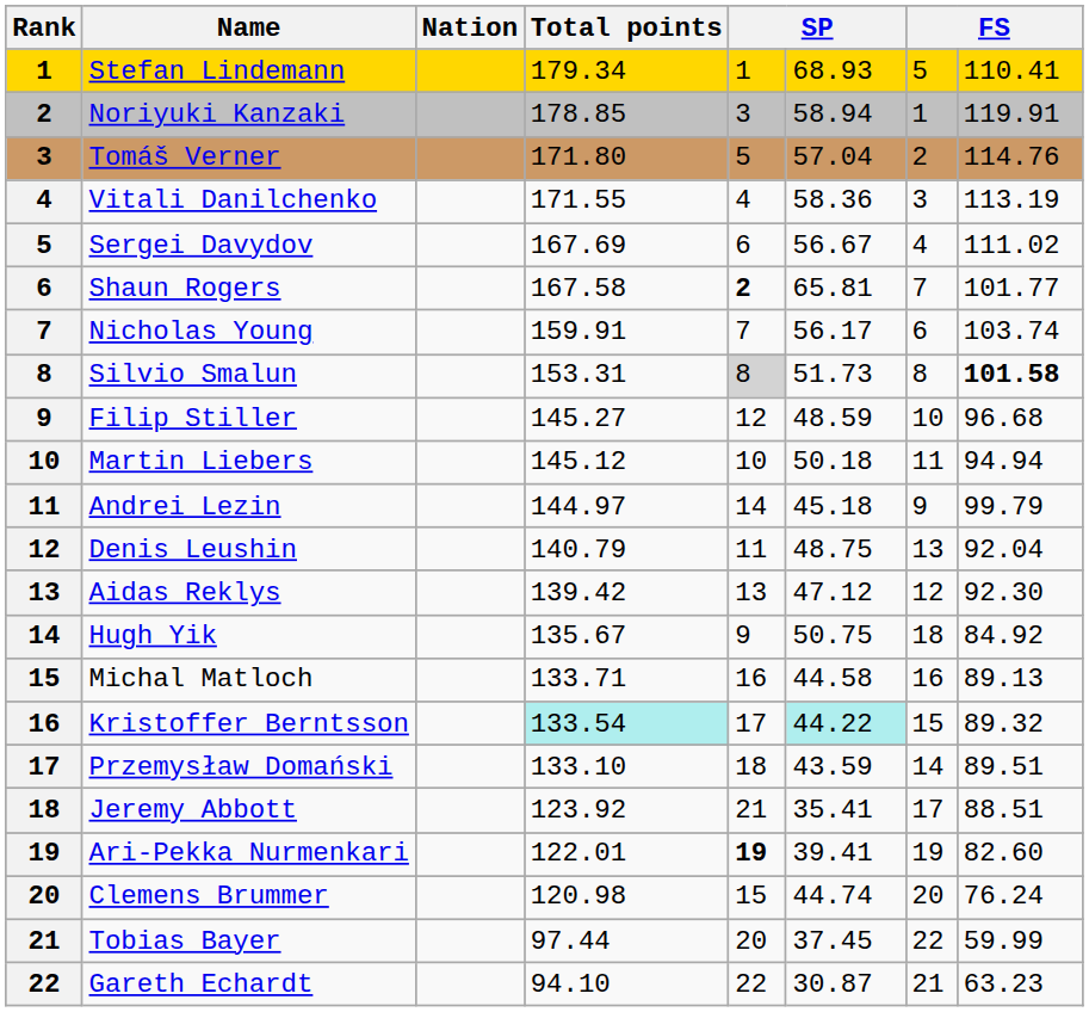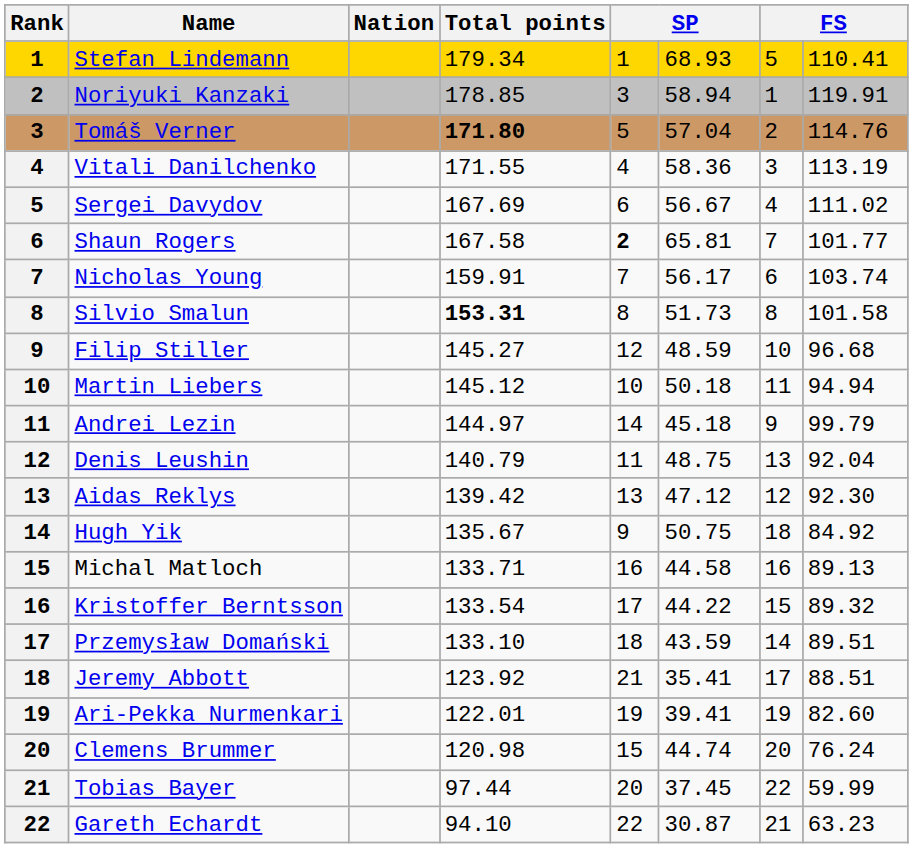 <table class="wikitable">
 <tr>
 <th>Rank</th>
 <th>Name</th>
 <th>Nation</th>
 <th>Total points</th>
 <th colspan="2" width="80px"><a href='#'>SP</a></th>
 <th colspan="2" width="80px"><a href='#'>FS</a></th>
 </tr>
 <tr bgcolor="gold">
 <td align="center"><strong>1</strong></td>
 <td><a href='#'>Stefan Lindemann</a></td>
 <td></td>
 <td>179.34</td>
 <td>1</td>
 <td>68.93</td>
 <td>5</td>
 <td>110.41</td>
 </tr>
 <tr bgcolor="silver">
 <td align="center"><strong>2</strong></td>
 <td><a href='#'>Noriyuki Kanzaki</a></td>
 <td></td>
 <td>178.85</td>
 <td>3</td>
 <td>58.94</td>
 <td>1</td>
 <td>119.91</td>
 </tr>
 <tr bgcolor="cc9966">
 <td align="center"><strong>3</strong></td>
 <td><a href='#'>Tomáš Verner</a></td>
 <td></td>
-<td>171.80</td>
+<td><strong>171.80</strong></td>
 <td>5</td>
 <td>57.04</td>
 <td>2</td>
 <td>114.76</td>
 </tr>
 <tr>
 <th>4</th>
 <td><a href='#'>Vitali Danilchenko</a></td>
 <td></td>
 <td>171.55</td>
 <td>4</td>
 <td>58.36</td>
 <td>3</td>
 <td>113.19</td>
 </tr>
 <tr>
 <th>5</th>
 <td><a href='#'>Sergei Davydov</a></td>
 <td></td>
 <td>167.69</td>
 <td>6</td>
 <td>56.67</td>
 <td>4</td>
 <td>111.02</td>
 </tr>
 <tr>
 <th>6</th>
 <td><a href='#'>Shaun Rogers</a></td>
 <td></td>
 <td>167.58</td>
 <td><strong>2</strong></td>
 <td>65.81</td>
 <td>7</td>
 <td>101.77</td>
 </tr>
 <tr>
 <th>7</th>
 <td><a href='#'>Nicholas Young</a></td>
 <td></td>
 <td>159.91</td>
 <td>7</td>
 <td>56.17</td>
 <td>6</td>
 <td>103.74</td>
 </tr>
 <tr>
 <th>8</th>
 <td><a href='#'>Silvio Smalun</a></td>
 <td></td>
-<td>153.31</td>
-<td style="background: lightgrey;">8</td>
+<td><strong>153.31</strong></td>
+<td>8</td>
 <td>51.73</td>
 <td>8</td>
-<td><strong>101.58</strong></td>
+<td>101.58</td>
 </tr>
 <tr>
 <th>9</th>
 <td><a href='#'>Filip Stiller</a></td>
 <td></td>
 <td>145.27</td>
 <td>12</td>
 <td>48.59</td>
 <td>10</td>
 <td>96.68</td>
 </tr>
 <tr>
 <th>10</th>
 <td><a href='#'>Martin Liebers</a></td>
 <td></td>
 <td>145.12</td>
 <td>10</td>
 <td>50.18</td>
 <td>11</td>
 <td>94.94</td>
 </tr>
 <tr>
 <th>11</th>
 <td><a href='#'>Andrei Lezin</a></td>
 <td></td>
 <td>144.97</td>
 <td>14</td>
 <td>45.18</td>
 <td>9</td>
 <td>99.79</td>
 </tr>
 <tr>
 <th>12</th>
 <td><a href='#'>Denis Leushin</a></td>
 <td></td>
 <td>140.79</td>
 <td>11</td>
 <td>48.75</td>
 <td>13</td>
 <td>92.04</td>
 </tr>
 <tr>
 <th>13</th>
 <td><a href='#'>Aidas Reklys</a></td>
 <td></td>
 <td>139.42</td>
 <td>13</td>
 <td>47.12</td>
 <td>12</td>
 <td>92.30</td>
 </tr>
 <tr>
 <th>14</th>
 <td><a href='#'>Hugh Yik</a></td>
 <td></td>
 <td>135.67</td>
 <td>9</td>
 <td>50.75</td>
 <td>18</td>
 <td>84.92</td>
 </tr>
 <tr>
 <th>15</th>
 <td>Michal Matloch</td>
 <td></td>
 <td>133.71</td>
 <td>16</td>
 <td>44.58</td>
 <td>16</td>
 <td>89.13</td>
 </tr>
 <tr>
 <th>16</th>
 <td><a href='#'>Kristoffer Berntsson</a></td>
 <td></td>
-<td style="background: paleturquoise;">133.54</td>
+<td>133.54</td>
 <td>17</td>
-<td style="background: paleturquoise;">44.22</td>
+<td>44.22</td>
 <td>15</td>
 <td>89.32</td>
 </tr>
 <tr>
 <th>17</th>
 <td><a href='#'>Przemysław Domański</a></td>
 <td></td>
 <td>133.10</td>
 <td>18</td>
 <td>43.59</td>
 <td>14</td>
 <td>89.51</td>
 </tr>
 <tr>
 <th>18</th>
 <td><a href='#'>Jeremy Abbott</a></td>
 <td></td>
 <td>123.92</td>
 <td>21</td>
 <td>35.41</td>
 <td>17</td>
 <td>88.51</td>
 </tr>
 <tr>
 <th>19</th>
 <td><a href='#'>Ari-Pekka Nurmenkari</a></td>
 <td></td>
 <td>122.01</td>
-<td><strong>19</strong></td>
+<td>19</td>
 <td>39.41</td>
 <td>19</td>
 <td>82.60</td>
 </tr>
 <tr>
 <th>20</th>
 <td><a href='#'>Clemens Brummer</a></td>
 <td></td>
 <td>120.98</td>
 <td>15</td>
 <td>44.74</td>
 <td>20</td>
 <td>76.24</td>
 </tr>
 <tr>
 <th>21</th>
 <td><a href='#'>Tobias Bayer</a></td>
 <td></td>
 <td>97.44</td>
 <td>20</td>
 <td>37.45</td>
 <td>22</td>
 <td>59.99</td>
 </tr>
 <tr>
 <th>22</th>
 <td><a href='#'>Gareth Echardt</a></td>
 <td></td>
 <td>94.10</td>
 <td>22</td>
 <td>30.87</td>
 <td>21</td>
 <td>63.23</td>
 </tr>
 </table>
